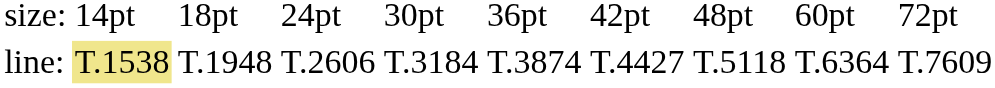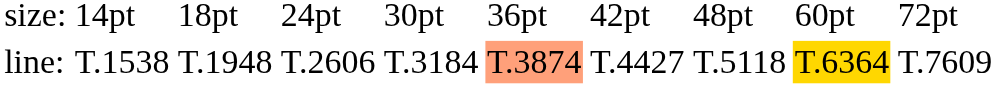 <table style="margin-left:40px;">
 <tr>
 <td>size:</td>
 <td>14pt</td>
 <td>18pt</td>
 <td>24pt</td>
 <td>30pt</td>
 <td>36pt</td>
 <td>42pt</td>
 <td>48pt</td>
 <td>60pt</td>
 <td>72pt</td>
 </tr>
 <tr>
 <td>line:</td>
-<td style="background: khaki;">T.1538</td>
+<td>T.1538</td>
 <td>T.1948</td>
 <td>T.2606</td>
 <td>T.3184</td>
-<td>T.3874</td>
+<td style="background: lightsalmon;">T.3874</td>
 <td>T.4427</td>
 <td>T.5118</td>
-<td>T.6364</td>
+<td style="background: gold;">T.6364</td>
 <td>T.7609</td>
 </tr>
 </table>
